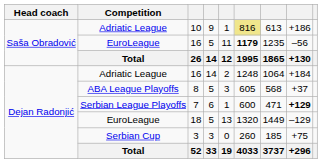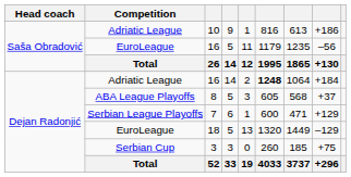 <table class="wikitable" style="font-size:95%; text-align:center;">
 <tr>
 <th>Head coach</th>
 <th>Competition</th>
 <th></th>
 <th></th>
 <th></th>
 <th></th>
 <th></th>
 <th></th>
 <th></th>
 </tr>
 <tr>
 <td rowspan=3><a href='#'>Saša Obradović</a></td>
 <td><a href='#'>Adriatic League</a></td>
 <td>10</td>
 <td>9</td>
 <td>1</td>
-<td style="background: khaki;">816</td>
+<td>816</td>
 <td>613</td>
 <td>+186</td>
 <td></td>
 </tr>
 <tr>
 <td><a href='#'>EuroLeague</a></td>
 <td>16</td>
 <td>5</td>
 <td>11</td>
-<td><strong>1179</strong></td>
+<td>1179</td>
 <td>1235</td>
 <td>–56</td>
 <td></td>
 </tr>
 <tr>
 <th>Total</th>
 <th>26</th>
 <th>14</th>
 <th>12</th>
 <th>1995</th>
 <th>1865</th>
 <th>+130</th>
 <th></th>
 </tr>
 <tr>
 <td rowspan=6><a href='#'>Dejan Radonjić</a></td>
 <td>Adriatic League</td>
 <td>16</td>
 <td>14</td>
 <td>2</td>
-<td>1248</td>
+<td><strong>1248</strong></td>
 <td>1064</td>
 <td>+184</td>
 <td></td>
 </tr>
 <tr>
 <td><a href='#'>ABA League Playoffs</a></td>
 <td>8</td>
 <td>5</td>
 <td>3</td>
 <td>605</td>
 <td>568</td>
 <td>+37</td>
 <td></td>
 </tr>
 <tr>
 <td><a href='#'>Serbian League Playoffs</a></td>
 <td>7</td>
 <td>6</td>
 <td>1</td>
 <td>600</td>
 <td>471</td>
-<td><strong>+129</strong></td>
+<td>+129</td>
 <td></td>
 </tr>
 <tr>
 <td>EuroLeague</td>
 <td>18</td>
 <td>5</td>
 <td>13</td>
 <td>1320</td>
 <td>1449</td>
 <td>–129</td>
 <td></td>
 </tr>
 <tr>
 <td><a href='#'>Serbian Cup</a></td>
 <td>3</td>
 <td>3</td>
 <td>0</td>
 <td>260</td>
 <td>185</td>
 <td>+75</td>
 <td></td>
 </tr>
 <tr>
 <th>Total</th>
 <th>52</th>
 <th>33</th>
 <th>19</th>
 <th>4033</th>
 <th>3737</th>
 <th>+296</th>
 <th></th>
 </tr>
 </table>
